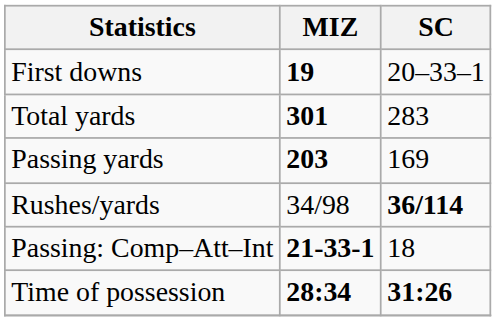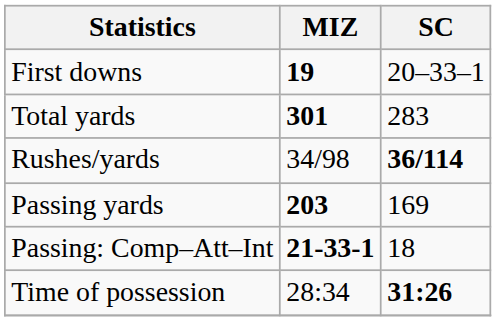 <table class="wikitable" style="float: left;">
 <tr>
 <th>Statistics</th>
 <th>MIZ</th>
 <th>SC</th>
 </tr>
 <tr>
 <td>First downs</td>
 <td><strong>19</strong></td>
 <td>20–33–1</td>
 </tr>
 <tr>
 <td>Total yards</td>
 <td><strong>301</strong></td>
 <td>283</td>
 </tr>
 <tr>
+<td>Rushes/yards</td>
+<td>34/98</td>
+<td><strong>36/114</strong></td>
+</tr>
+<tr>
 <td>Passing yards</td>
 <td><strong>203</strong></td>
 <td>169</td>
-</tr>
-<tr>
-<td>Rushes/yards</td>
-<td>34/98</td>
-<td><strong>36/114</strong></td>
 </tr>
 <tr>
 <td>Passing: Comp–Att–Int</td>
 <td><strong>21-33-1</strong></td>
 <td>18</td>
 </tr>
 <tr>
 <td>Time of possession</td>
-<td><strong>28:34</strong></td>
+<td>28:34</td>
 <td><strong>31:26</strong></td>
 </tr>
 <tr>
 </tr>
 </table>
